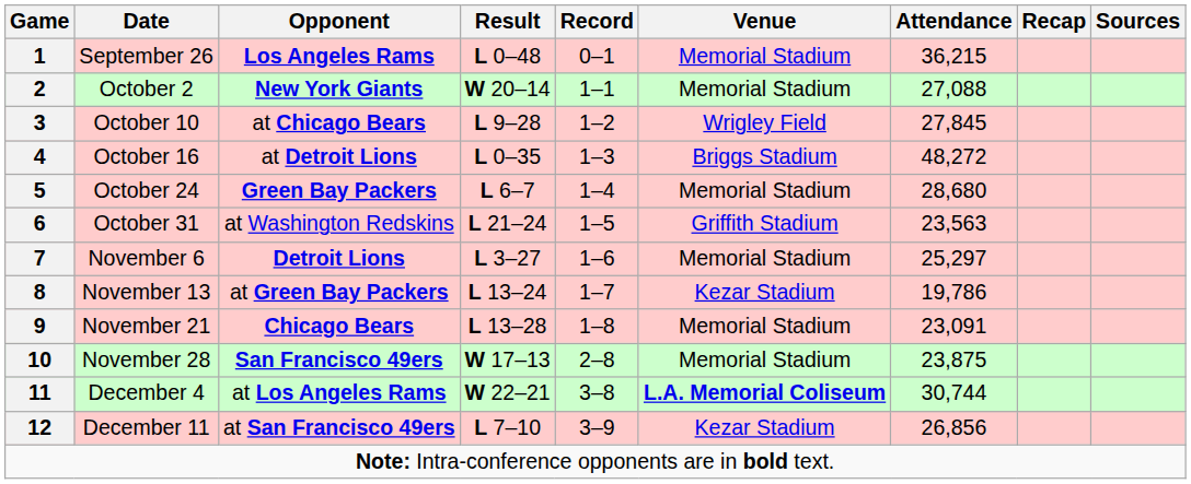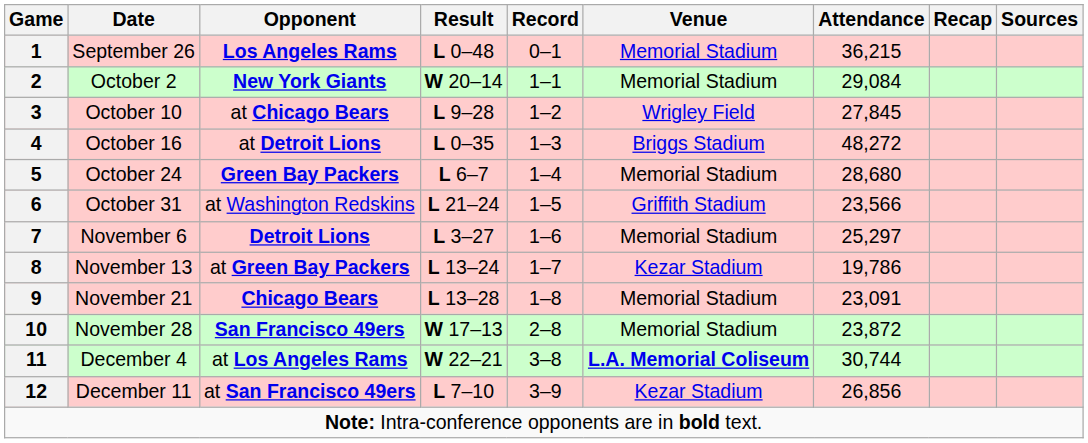 <table class="wikitable" style="text-align:center">
 <tr>
 <th>Game</th>
 <th>Date</th>
 <th>Opponent</th>
 <th>Result</th>
 <th>Record</th>
 <th>Venue</th>
 <th>Attendance</th>
 <th>Recap</th>
 <th>Sources</th>
 </tr>
 <tr style="background:#fcc">
 <th>1</th>
 <td>September 26</td>
 <td><strong><a href='#'>Los Angeles Rams</a></strong></td>
 <td><strong>L</strong> 0–48</td>
 <td>0–1</td>
 <td><a href='#'>Memorial Stadium</a></td>
 <td>36,215</td>
 <td></td>
 <td></td>
 </tr>
 <tr style="background:#cfc">
 <th>2</th>
 <td>October 2</td>
 <td><strong><a href='#'>New York Giants</a></strong></td>
 <td><strong>W</strong> 20–14</td>
 <td>1–1</td>
 <td>Memorial Stadium</td>
-<td>27,088</td>
+<td>29,084</td>
 <td></td>
 <td></td>
 </tr>
 <tr style="background:#fcc">
 <th>3</th>
 <td>October 10</td>
 <td>at <strong><a href='#'>Chicago Bears</a></strong></td>
 <td><strong>L</strong> 9–28</td>
 <td>1–2</td>
 <td><a href='#'>Wrigley Field</a></td>
 <td>27,845</td>
 <td></td>
 <td></td>
 </tr>
 <tr style="background:#fcc">
 <th>4</th>
 <td>October 16</td>
 <td>at <strong><a href='#'>Detroit Lions</a></strong></td>
 <td><strong>L</strong> 0–35</td>
 <td>1–3</td>
 <td><a href='#'>Briggs Stadium</a></td>
 <td>48,272</td>
 <td></td>
 <td></td>
 </tr>
 <tr style="background:#fcc">
 <th>5</th>
 <td>October 24</td>
 <td><strong><a href='#'>Green Bay Packers</a></strong></td>
 <td><strong>L</strong> 6–7</td>
 <td>1–4</td>
 <td>Memorial Stadium</td>
 <td>28,680 </td>
 <td></td>
 <td></td>
 </tr>
 <tr style="background:#fcc">
 <th>6</th>
 <td>October 31</td>
 <td>at <a href='#'>Washington Redskins</a></td>
 <td><strong>L</strong> 21–24</td>
 <td>1–5</td>
 <td><a href='#'>Griffith Stadium</a></td>
-<td>23,563</td>
+<td>23,566</td>
 <td></td>
 <td></td>
 </tr>
 <tr style="background:#fcc">
 <th>7</th>
 <td>November 6</td>
 <td><strong><a href='#'>Detroit Lions</a></strong></td>
 <td><strong>L</strong> 3–27</td>
 <td>1–6</td>
 <td>Memorial Stadium</td>
 <td>25,297</td>
 <td></td>
 <td></td>
 </tr>
 <tr style="background:#fcc">
 <th>8</th>
 <td>November 13</td>
 <td>at <strong><a href='#'>Green Bay Packers</a></strong></td>
 <td><strong>L</strong> 13–24</td>
 <td>1–7</td>
 <td><a href='#'>Kezar Stadium</a></td>
 <td>19,786</td>
 <td></td>
 <td></td>
 </tr>
 <tr style="background:#fcc">
 <th>9</th>
 <td>November 21</td>
 <td><strong><a href='#'>Chicago Bears</a></strong></td>
 <td><strong>L</strong> 13–28</td>
 <td>1–8</td>
 <td>Memorial Stadium</td>
 <td>23,091</td>
 <td></td>
 <td></td>
 </tr>
 <tr style="background:#cfc">
 <th>10</th>
 <td>November 28</td>
 <td><strong><a href='#'>San Francisco 49ers</a></strong></td>
 <td><strong>W</strong> 17–13</td>
 <td>2–8</td>
 <td>Memorial Stadium</td>
-<td>23,875</td>
+<td>23,872</td>
 <td></td>
 <td></td>
 </tr>
 <tr style="background:#cfc">
 <th>11</th>
 <td>December 4</td>
 <td>at <strong><a href='#'>Los Angeles Rams</a></strong></td>
 <td><strong>W</strong> 22–21</td>
 <td>3–8</td>
 <td><strong><a href='#'>L.A. Memorial Coliseum</a></strong></td>
 <td>30,744</td>
 <td></td>
 <td></td>
 </tr>
 <tr style="background:#fcc">
 <th>12</th>
 <td>December 11</td>
 <td>at <strong><a href='#'>San Francisco 49ers</a></strong></td>
 <td><strong>L</strong> 7–10</td>
 <td>3–9</td>
 <td><a href='#'>Kezar Stadium</a></td>
 <td>26,856</td>
 <td></td>
 <td></td>
 </tr>
 <tr>
 <td colspan="10"><strong>Note:</strong> Intra-conference opponents are in <strong>bold</strong> text.</td>
 </tr>
 </table>
